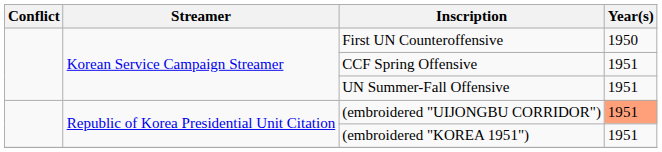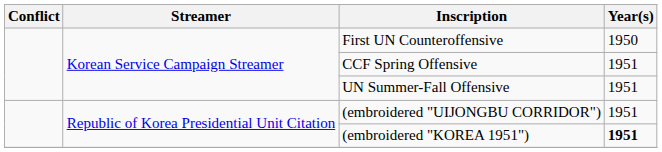 <table class="wikitable" style="float:left;">
 <tr style="background:#efefef;">
 <th>Conflict</th>
 <th>Streamer</th>
 <th>Inscription</th>
 <th>Year(s)</th>
 </tr>
 <tr>
 <td rowspan="3"></td>
 <td rowspan="3"><a href='#'>Korean Service Campaign Streamer</a></td>
 <td>First UN Counteroffensive</td>
 <td>1950</td>
 </tr>
 <tr>
 <td>CCF Spring Offensive</td>
 <td>1951</td>
 </tr>
 <tr>
 <td>UN Summer-Fall Offensive</td>
 <td>1951</td>
 </tr>
 <tr>
 <td rowspan="2"></td>
 <td rowspan="2"><a href='#'>Republic of Korea Presidential Unit Citation</a></td>
 <td>(embroidered "UIJONGBU CORRIDOR")</td>
-<td style="background: lightsalmon;">1951</td>
+<td>1951</td>
 </tr>
 <tr>
 <td>(embroidered "KOREA 1951")</td>
-<td>1951</td>
+<td><strong>1951</strong></td>
 </tr>
 <tr>
 </tr>
 </table>
